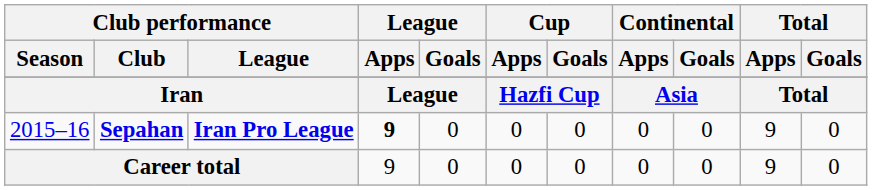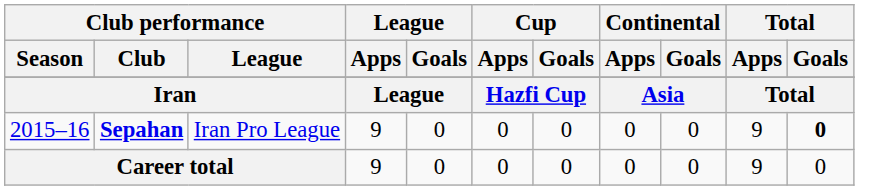 <table class="wikitable" style="text-align:center">
 <tr>
 <th colspan=3>Club performance</th>
 <th colspan=2>League</th>
 <th colspan=2>Cup</th>
 <th colspan=2>Continental</th>
 <th colspan=2>Total</th>
 </tr>
 <tr>
 <th>Season</th>
 <th>Club</th>
 <th>League</th>
 <th>Apps</th>
 <th>Goals</th>
 <th>Apps</th>
 <th>Goals</th>
 <th>Apps</th>
 <th>Goals</th>
 <th>Apps</th>
 <th>Goals</th>
 </tr>
 <tr>
 </tr>
 <tr>
 <th colspan=3>Iran</th>
 <th colspan=2>League</th>
 <th colspan=2><a href='#'>Hazfi Cup</a></th>
 <th colspan=2><a href='#'>Asia</a></th>
 <th colspan=2>Total</th>
 </tr>
 <tr>
 <td><a href='#'>2015–16</a></td>
 <td rowspan="1"><strong><a href='#'>Sepahan</a></strong></td>
-<td rowspan="1"><strong><a href='#'>Iran Pro League</a></strong></td>
-<td><strong>9</strong></td>
+<td rowspan="1"><a href='#'>Iran Pro League</a></td>
+<td>9</td>
 <td>0</td>
 <td>0</td>
 <td>0</td>
 <td>0</td>
 <td>0</td>
 <td>9</td>
-<td>0</td>
+<td><strong>0</strong></td>
 </tr>
 <tr>
 <th colspan=3>Career total</th>
 <td>9</td>
 <td>0</td>
 <td>0</td>
 <td>0</td>
 <td>0</td>
 <td>0</td>
 <td>9</td>
 <td>0</td>
 </tr>
 </table>
